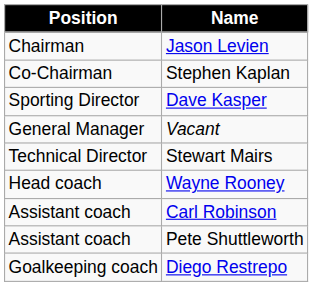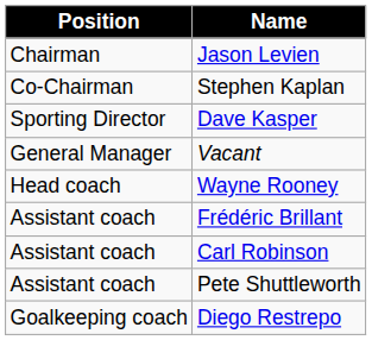 <table class="wikitable">
 <tr>
 <th style="background:#000000; color:white;">Position</th>
 <th style="background:#000000; color:white;">Name</th>
 </tr>
 <tr>
 <td>Chairman</td>
 <td align=left> <a href='#'>Jason Levien</a></td>
 </tr>
 <tr>
 <td>Co-Chairman</td>
 <td align=left> Stephen Kaplan</td>
 </tr>
 <tr>
 <td>Sporting Director</td>
 <td align=left> <a href='#'>Dave Kasper</a></td>
 </tr>
 <tr>
 <td>General Manager</td>
 <td align=left><em>Vacant</em></td>
 </tr>
 <tr>
-<td>Technical Director</td>
-<td align=left> Stewart Mairs</td>
+<td>Head coach</td>
+<td align=left> <a href='#'>Wayne Rooney</a></td>
 </tr>
 <tr>
-<td>Head coach</td>
-<td align=left> <a href='#'>Wayne Rooney</a></td>
+<td>Assistant coach</td>
+<td align=left> <a href='#'>Frédéric Brillant</a></td>
 </tr>
 <tr>
 <td>Assistant coach</td>
 <td align=left> <a href='#'>Carl Robinson</a></td>
 </tr>
 <tr>
 <td>Assistant coach</td>
 <td align=left> Pete Shuttleworth</td>
 </tr>
 <tr>
 <td>Goalkeeping coach</td>
 <td align=left> <a href='#'>Diego Restrepo</a></td>
 </tr>
 </table>
